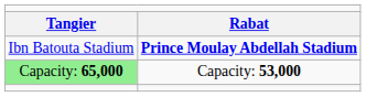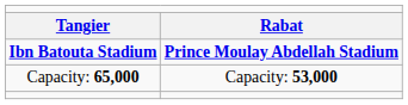 <table class="wikitable" style="text-align:center">
 <tr>
 <td colspan="2"></td>
 </tr>
 <tr>
 <th><a href='#'>Tangier</a></th>
 <th><a href='#'>Rabat</a></th>
 </tr>
 <tr>
-<td><a href='#'>Ibn Batouta Stadium</a></td>
+<td><strong><a href='#'>Ibn Batouta Stadium</a></strong></td>
 <td><strong><a href='#'>Prince Moulay Abdellah Stadium</a></strong></td>
 </tr>
 <tr>
-<td style="background: lightgreen;">Capacity: <strong>65,000</strong></td>
+<td>Capacity: <strong>65,000</strong></td>
 <td>Capacity: <strong>53,000</strong></td>
 </tr>
 <tr>
 <td></td>
 <td></td>
 </tr>
 </table>
